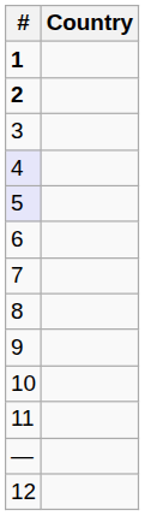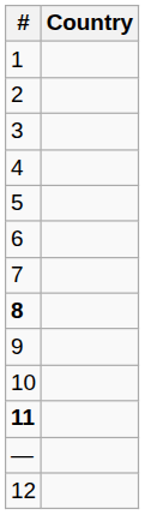 <table class="wikitable sortable">
 <tr>
 <th>#</th>
 <th>Country</th>
 </tr>
 <tr>
-<td><strong>1</strong></td>
+<td>1</td>
 <td></td>
 </tr>
 <tr>
-<td><strong>2</strong></td>
+<td>2</td>
 <td></td>
 </tr>
 <tr>
 <td>3</td>
 <td></td>
 </tr>
 <tr>
-<td style="background: lavender;">4</td>
+<td>4</td>
 <td></td>
 </tr>
 <tr>
-<td style="background: lavender;">5</td>
+<td>5</td>
 <td></td>
 </tr>
 <tr>
 <td>6</td>
 <td></td>
 </tr>
 <tr>
 <td>7</td>
 <td></td>
 </tr>
 <tr>
-<td>8</td>
+<td><strong>8</strong></td>
 <td></td>
 </tr>
 <tr>
 <td>9</td>
 <td></td>
 </tr>
 <tr>
 <td>10</td>
 <td></td>
 </tr>
 <tr>
-<td>11</td>
+<td><strong>11</strong></td>
 <td></td>
 </tr>
 <tr>
 <td>—</td>
 <td></td>
 </tr>
 <tr>
 <td>12</td>
 <td></td>
 </tr>
 </table>
